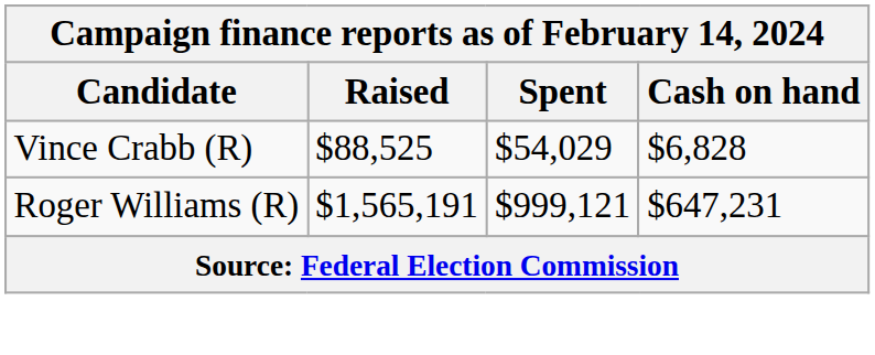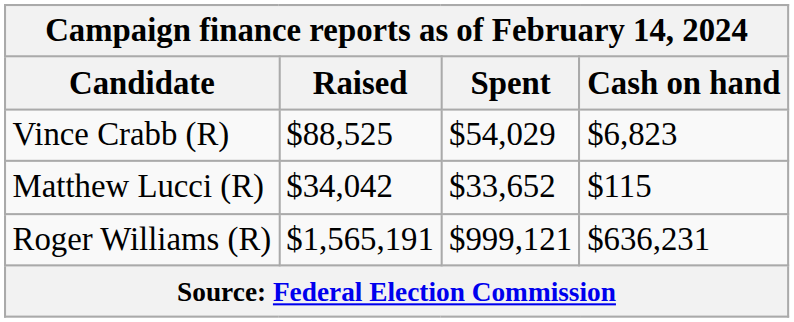 <table class="wikitable sortable">
 <tr>
 <th colspan=4>Campaign finance reports as of February 14, 2024</th>
 </tr>
 <tr style="text-align:center;">
 <th>Candidate</th>
 <th>Raised</th>
 <th>Spent</th>
 <th>Cash on hand</th>
 </tr>
 <tr>
 <td style="background-color:">Vince Crabb (R)</td>
 <td>$88,525</td>
 <td>$54,029</td>
-<td>$6,828</td>
+<td>$6,823</td>
+</tr>
+<tr>
+<td style="background-color:">Matthew Lucci (R)</td>
+<td>$34,042</td>
+<td>$33,652</td>
+<td>$115</td>
 </tr>
 <tr>
 <td style="background-color:">Roger Williams (R)</td>
 <td>$1,565,191</td>
 <td>$999,121</td>
-<td>$647,231</td>
+<td>$636,231</td>
 </tr>
 <tr>
 <th colspan="4"><small>Source: <a href='#'>Federal Election Commission</a></small></th>
 </tr>
 </table>
